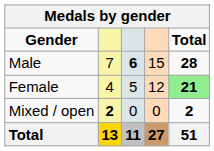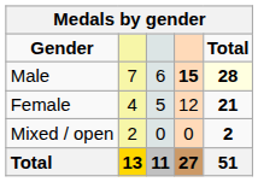 <table class="wikitable" style="font-size:85%;float:right;text-align:center">
 <tr style="background:#efefef;">
 <th colspan=7>Medals by gender</th>
 </tr>
 <tr>
 <td><strong>Gender</strong></td>
 <td bgcolor=#f7f6a8></td>
 <td bgcolor=#dce5e5></td>
 <td bgcolor=#ffdab9></td>
 <td><strong>Total</strong></td>
 </tr>
 <tr>
 <td style="text-align:left;">Male</td>
 <td style="background:#F7F6A8;">7</td>
-<td style="background:#DCE5E5;"><strong>6</strong></td>
-<td style="background:#FFDAB9;">15</td>
-<td><strong>28</strong></td>
+<td style="background:#DCE5E5;">6</td>
+<td style="background:#FFDAB9;"><strong>15</strong></td>
+<td style="background: lightyellow;"><strong>28</strong></td>
 </tr>
 <tr>
 <td style="text-align:left;">Female</td>
 <td style="background:#F7F6A8;">4</td>
 <td style="background:#DCE5E5;">5</td>
 <td style="background:#FFDAB9;">12</td>
-<td style="background: lightgreen;"><strong>21</strong></td>
+<td><strong>21</strong></td>
 </tr>
 <tr>
 <td style="text-align:left;">Mixed / open</td>
-<td style="background:#F7F6A8;"><strong>2</strong></td>
+<td style="background:#F7F6A8;">2</td>
 <td style="background:#DCE5E5;">0</td>
 <td style="background:#FFDAB9;">0</td>
 <td><strong>2</strong></td>
 </tr>
 <tr>
 <th style="text-align:left;">Total</th>
 <th style="background:gold;">13</th>
 <th style="background:silver;">11</th>
 <th style="background:#c96;">27</th>
 <th>51</th>
 </tr>
 </table>
